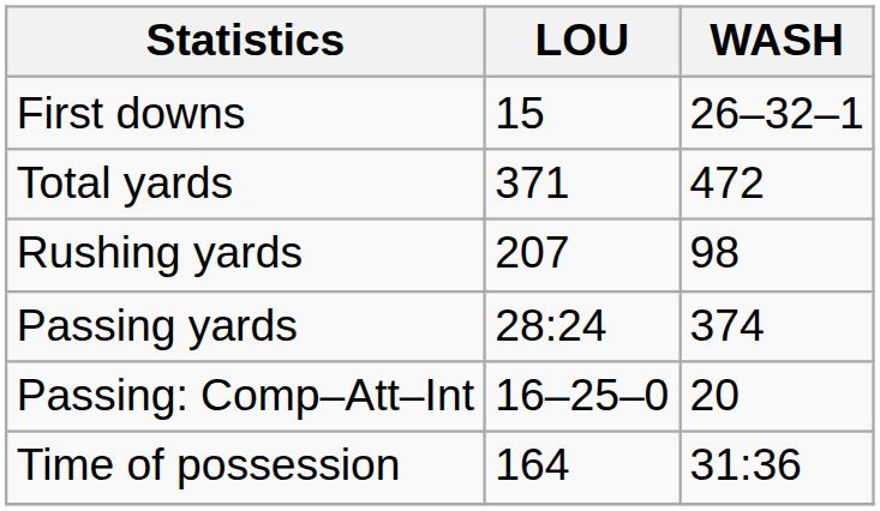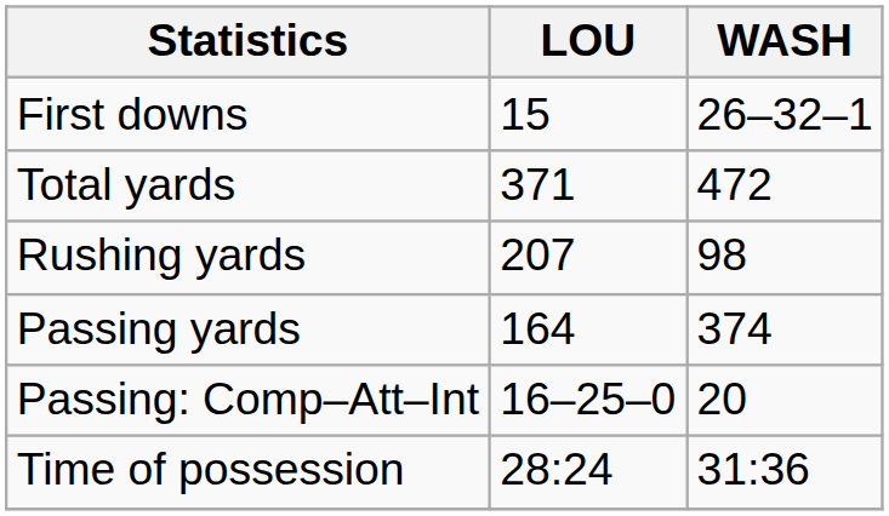 <table class="wikitable" style="float: left;">
 <tr>
 <th>Statistics</th>
 <th>LOU</th>
 <th>WASH</th>
 </tr>
 <tr>
 <td>First downs</td>
 <td>15</td>
 <td>26–32–1</td>
 </tr>
 <tr>
 <td>Total yards</td>
 <td>371</td>
 <td>472</td>
 </tr>
 <tr>
 <td>Rushing yards</td>
 <td>207</td>
 <td>98</td>
 </tr>
 <tr>
 <td>Passing yards</td>
-<td>28:24</td>
+<td>164</td>
 <td>374</td>
 </tr>
 <tr>
 <td>Passing: Comp–Att–Int</td>
 <td>16–25–0</td>
 <td>20</td>
 </tr>
 <tr>
 <td>Time of possession</td>
-<td>164</td>
+<td>28:24</td>
 <td>31:36</td>
 </tr>
 <tr>
 </tr>
 </table>
